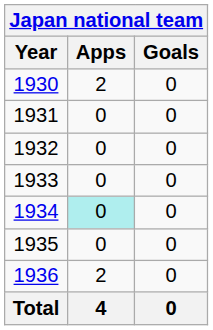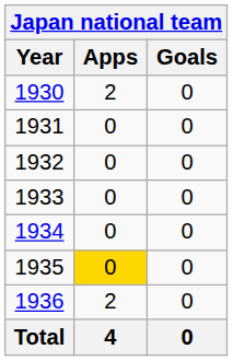 <table class="wikitable" style="text-align:center">
 <tr>
 <th colspan=3><a href='#'>Japan national team</a></th>
 </tr>
 <tr>
 <th>Year</th>
 <th>Apps</th>
 <th>Goals</th>
 </tr>
 <tr>
 <td><a href='#'>1930</a></td>
 <td>2</td>
 <td>0</td>
 </tr>
 <tr>
 <td>1931</td>
 <td>0</td>
 <td>0</td>
 </tr>
 <tr>
 <td>1932</td>
 <td>0</td>
 <td>0</td>
 </tr>
 <tr>
 <td>1933</td>
 <td>0</td>
 <td>0</td>
 </tr>
 <tr>
 <td><a href='#'>1934</a></td>
-<td style="background: paleturquoise;">0</td>
+<td>0</td>
 <td>0</td>
 </tr>
 <tr>
 <td>1935</td>
-<td>0</td>
+<td style="background: gold;">0</td>
 <td>0</td>
 </tr>
 <tr>
 <td><a href='#'>1936</a></td>
 <td>2</td>
 <td>0</td>
 </tr>
 <tr>
 <th>Total</th>
 <th>4</th>
 <th>0</th>
 </tr>
 </table>
